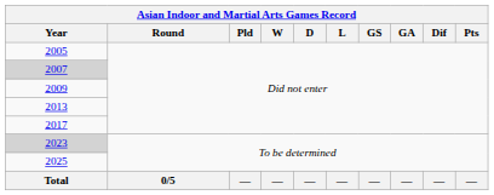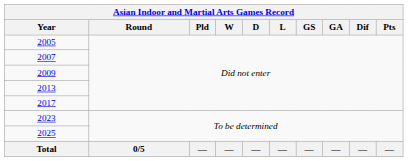 <table class="wikitable" style="text-align: center;font-size:90%;">
 <tr>
 <th colspan=10><a href='#'>Asian Indoor and Martial Arts Games Record</a></th>
 </tr>
 <tr>
 <th width=125>Year</th>
 <th width=150>Round</th>
 <th width=35>Pld</th>
 <th width=35>W</th>
 <th width=35>D</th>
 <th width=35>L</th>
 <th width=35>GS</th>
 <th width=35>GA</th>
 <th width=35>Dif</th>
 <th width=35>Pts</th>
 </tr>
 <tr>
 <td> <a href='#'>2005</a></td>
 <td colspan=9 rowspan=5><em>Did not enter</em></td>
 </tr>
 <tr>
-<td style="background: lightgrey;"> <a href='#'>2007</a></td>
+<td> <a href='#'>2007</a></td>
 </tr>
 <tr>
 <td> <a href='#'>2009</a></td>
 </tr>
 <tr>
 <td> <a href='#'>2013</a></td>
 </tr>
 <tr>
 <td> <a href='#'>2017</a></td>
 </tr>
 <tr>
-<td style="background: lightgrey;"> <a href='#'>2023</a></td>
+<td> <a href='#'>2023</a></td>
 <td colspan=9 rowspan=2><em>To be determined</em></td>
 </tr>
 <tr>
 <td> <a href='#'>2025</a></td>
 </tr>
 <tr>
 <th><strong>Total</strong></th>
 <th>0/5</th>
 <th>—</th>
 <th>—</th>
 <th>—</th>
 <th>—</th>
 <th>—</th>
 <th>—</th>
 <th>—</th>
 <th>—</th>
 </tr>
 </table>
